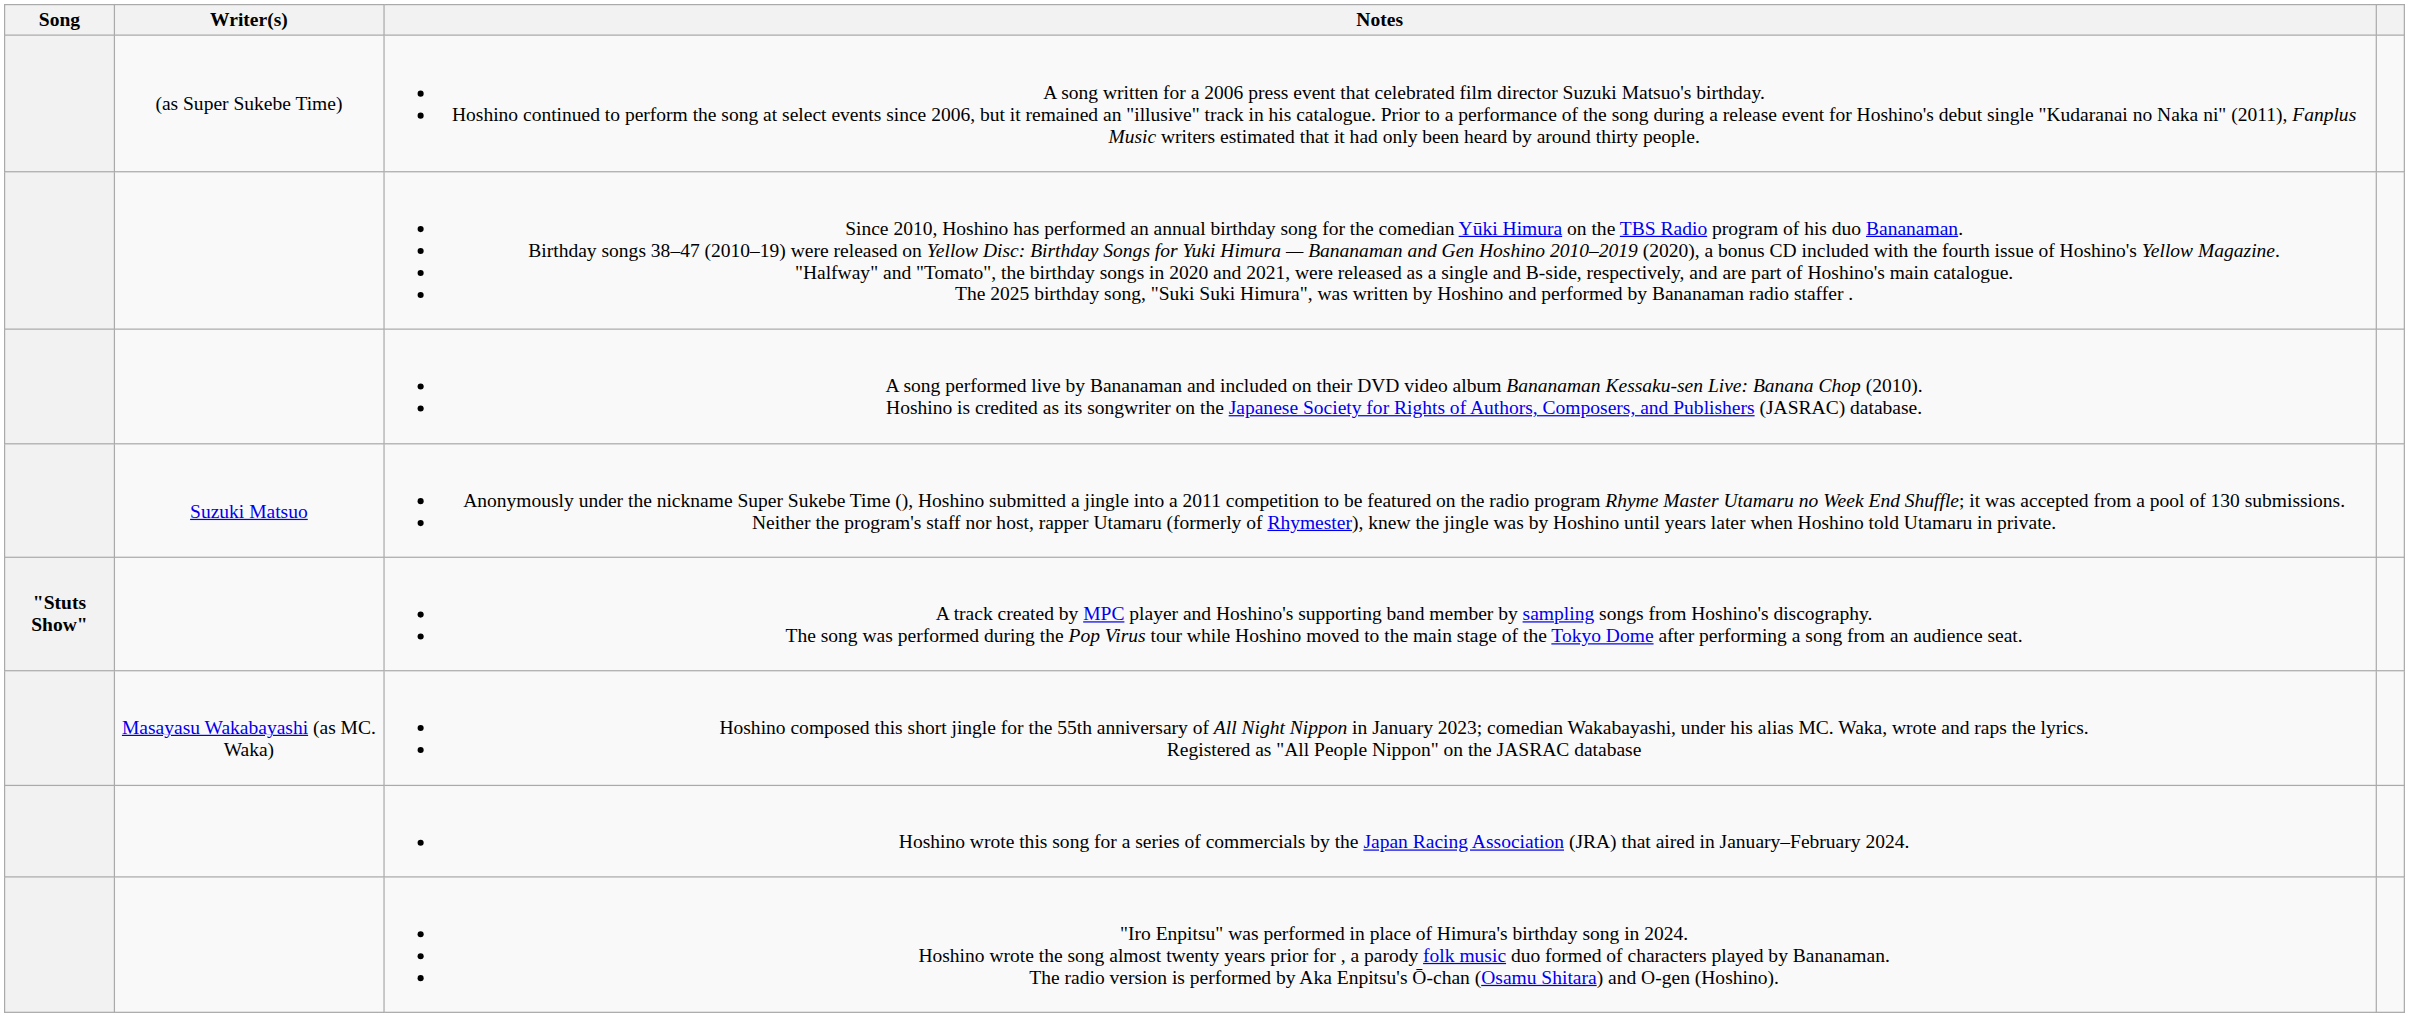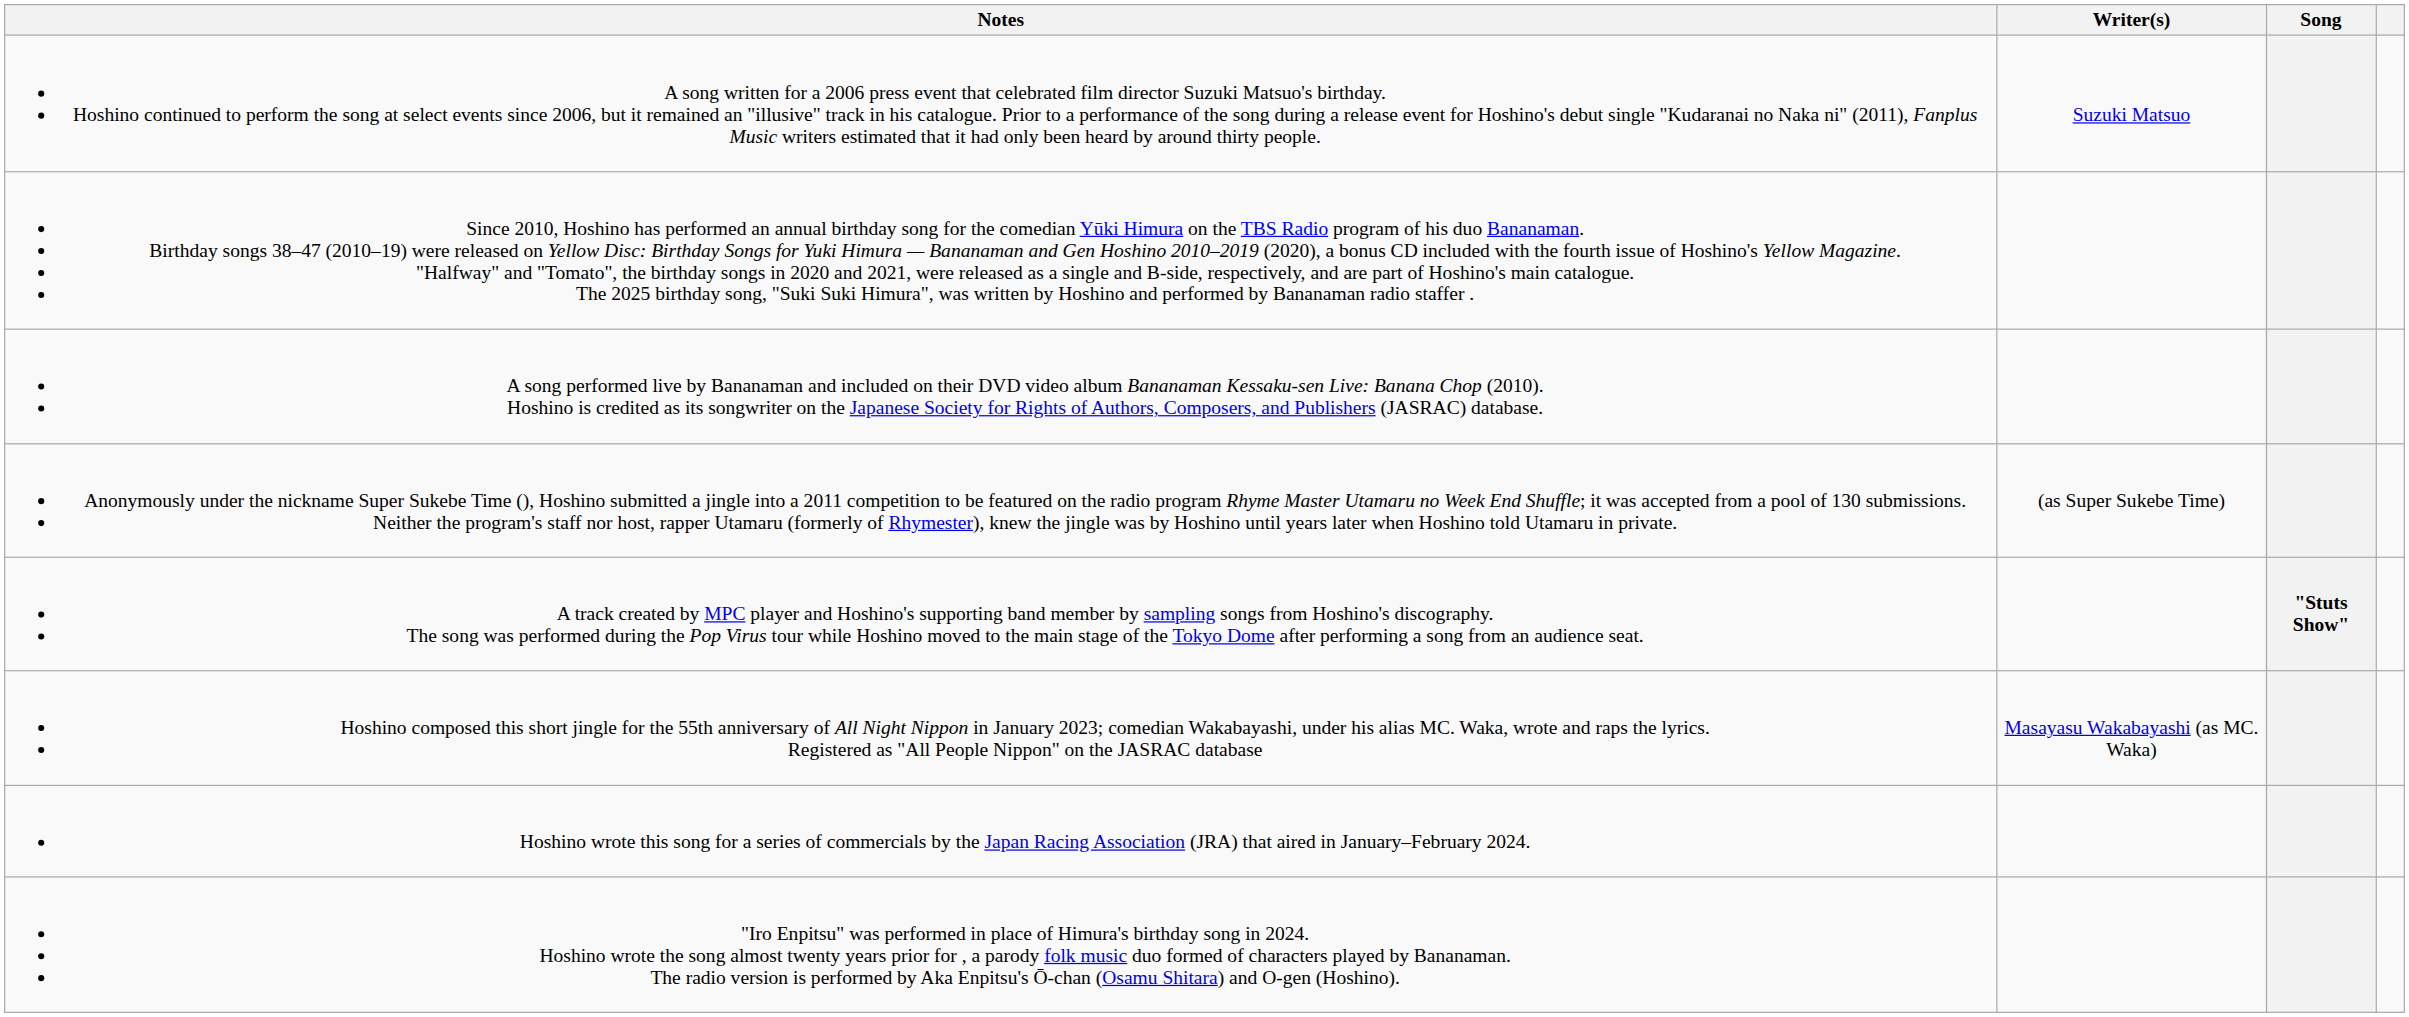 <table class="wikitable sortable plainrowheaders" style="text-align:center;" id="other">
 <tr>
+<th scope="col" class="unsortable">Notes</th>
+<th scope="col">Writer(s)</th>
 <th scope="col">Song</th>
-<th scope="col">Writer(s)</th>
-<th scope="col" class="unsortable">Notes</th>
 <th scope="col" style="width:1em;" class="unsortable"></th>
 </tr>
 <tr>
+<td><br><ul><li>A song written for a 2006 press event that celebrated film director Suzuki Matsuo's birthday.</li><li>Hoshino continued to perform the song at select events since 2006, but it remained an "illusive" track in his catalogue. Prior to a performance of the song during a release event for Hoshino's debut single "Kudaranai no Naka ni" (2011), <em>Fanplus Music</em> writers estimated that it had only been heard by around thirty people.</li></ul></td>
+<td><br><a href='#'>Suzuki Matsuo</a></td>
 <th scope="row"></th>
-<td> (as Super Sukebe Time)</td>
-<td><br><ul><li>A song written for a 2006 press event that celebrated film director Suzuki Matsuo's birthday.</li><li>Hoshino continued to perform the song at select events since 2006, but it remained an "illusive" track in his catalogue. Prior to a performance of the song during a release event for Hoshino's debut single "Kudaranai no Naka ni" (2011), <em>Fanplus Music</em> writers estimated that it had only been heard by around thirty people.</li></ul></td>
 <td></td>
 </tr>
 <tr>
+<td><br><ul><li>Since 2010, Hoshino has performed an annual birthday song for the comedian <a href='#'>Yūki Himura</a> on the <a href='#'>TBS Radio</a> program of his duo <a href='#'>Bananaman</a>.</li><li>Birthday songs 38–47 (2010–19) were released on <em>Yellow Disc: Birthday Songs for Yuki Himura — Bananaman and Gen Hoshino 2010–2019</em> (2020), a bonus CD included with the fourth issue of Hoshino's <em>Yellow Magazine</em>.</li><li>"Halfway" and "Tomato", the birthday songs in 2020 and 2021, were released as a single and B-side, respectively, and are part of Hoshino's main catalogue.</li><li>The 2025 birthday song, "Suki Suki Himura", was written by Hoshino and performed by Bananaman radio staffer .</li></ul></td>
+<td></td>
 <th scope="row"></th>
-<td></td>
-<td><br><ul><li>Since 2010, Hoshino has performed an annual birthday song for the comedian <a href='#'>Yūki Himura</a> on the <a href='#'>TBS Radio</a> program of his duo <a href='#'>Bananaman</a>.</li><li>Birthday songs 38–47 (2010–19) were released on <em>Yellow Disc: Birthday Songs for Yuki Himura — Bananaman and Gen Hoshino 2010–2019</em> (2020), a bonus CD included with the fourth issue of Hoshino's <em>Yellow Magazine</em>.</li><li>"Halfway" and "Tomato", the birthday songs in 2020 and 2021, were released as a single and B-side, respectively, and are part of Hoshino's main catalogue.</li><li>The 2025 birthday song, "Suki Suki Himura", was written by Hoshino and performed by Bananaman radio staffer .</li></ul></td>
 <td></td>
 </tr>
 <tr>
+<td><br><ul><li>A song performed live by Bananaman and included on their DVD video album <em>Bananaman Kessaku-sen Live: Banana Chop</em> (2010).</li><li>Hoshino is credited as its songwriter on the <a href='#'>Japanese Society for Rights of Authors, Composers, and Publishers</a> (JASRAC) database.</li></ul></td>
+<td></td>
 <th scope="row"></th>
-<td></td>
-<td><br><ul><li>A song performed live by Bananaman and included on their DVD video album <em>Bananaman Kessaku-sen Live: Banana Chop</em> (2010).</li><li>Hoshino is credited as its songwriter on the <a href='#'>Japanese Society for Rights of Authors, Composers, and Publishers</a> (JASRAC) database.</li></ul></td>
 <td></td>
 </tr>
 <tr>
+<td><br><ul><li>Anonymously under the nickname Super Sukebe Time (), Hoshino submitted a jingle into a 2011 competition to be featured on the radio program <em>Rhyme Master Utamaru no Week End Shuffle</em>; it was accepted from a pool of 130 submissions.</li><li>Neither the program's staff nor host, rapper Utamaru (formerly of <a href='#'>Rhymester</a>), knew the jingle was by Hoshino until years later when Hoshino told Utamaru in private.</li></ul></td>
+<td> (as Super Sukebe Time)</td>
 <th scope="row"></th>
-<td><br><a href='#'>Suzuki Matsuo</a></td>
-<td><br><ul><li>Anonymously under the nickname Super Sukebe Time (), Hoshino submitted a jingle into a 2011 competition to be featured on the radio program <em>Rhyme Master Utamaru no Week End Shuffle</em>; it was accepted from a pool of 130 submissions.</li><li>Neither the program's staff nor host, rapper Utamaru (formerly of <a href='#'>Rhymester</a>), knew the jingle was by Hoshino until years later when Hoshino told Utamaru in private.</li></ul></td>
 <td></td>
 </tr>
 <tr>
+<td><br><ul><li>A track created by <a href='#'>MPC</a> player and Hoshino's supporting band member  by <a href='#'>sampling</a> songs from Hoshino's discography.</li><li>The song was performed during the <em>Pop Virus</em> tour while Hoshino moved to the main stage of the <a href='#'>Tokyo Dome</a> after performing a song from an audience seat.</li></ul></td>
+<td><br></td>
 <th scope="row">"Stuts Show"</th>
-<td><br></td>
-<td><br><ul><li>A track created by <a href='#'>MPC</a> player and Hoshino's supporting band member  by <a href='#'>sampling</a> songs from Hoshino's discography.</li><li>The song was performed during the <em>Pop Virus</em> tour while Hoshino moved to the main stage of the <a href='#'>Tokyo Dome</a> after performing a song from an audience seat.</li></ul></td>
 <td></td>
 </tr>
 <tr>
+<td><br><ul><li>Hoshino composed this short jingle for the 55th anniversary of <em>All Night Nippon</em> in January 2023; comedian Wakabayashi, under his alias MC. Waka, wrote and raps the lyrics.</li><li>Registered as "All People Nippon" on the JASRAC database</li></ul></td>
+<td><br><a href='#'>Masayasu Wakabayashi</a> (as MC. Waka)</td>
 <th scope="row"></th>
-<td><br><a href='#'>Masayasu Wakabayashi</a> (as MC. Waka)</td>
-<td><br><ul><li>Hoshino composed this short jingle for the 55th anniversary of <em>All Night Nippon</em> in January 2023; comedian Wakabayashi, under his alias MC. Waka, wrote and raps the lyrics.</li><li>Registered as "All People Nippon" on the JASRAC database</li></ul></td>
 <td></td>
 </tr>
 <tr>
+<td><br><ul><li>Hoshino wrote this song for a series of commercials by the <a href='#'>Japan Racing Association</a> (JRA) that aired in January–February 2024.</li></ul></td>
+<td></td>
 <th scope="row"></th>
-<td></td>
-<td><br><ul><li>Hoshino wrote this song for a series of commercials by the <a href='#'>Japan Racing Association</a> (JRA) that aired in January–February 2024.</li></ul></td>
 <td></td>
 </tr>
 <tr>
+<td><br><ul><li>"Iro Enpitsu" was performed in place of Himura's birthday song in 2024.</li><li>Hoshino wrote the song almost twenty years prior for , a parody <a href='#'>folk music</a> duo formed of characters played by Bananaman.</li><li>The radio version is performed by Aka Enpitsu's Ō-chan (<a href='#'>Osamu Shitara</a>) and O-gen (Hoshino).</li></ul></td>
+<td></td>
 <th scope="row"></th>
-<td></td>
-<td><br><ul><li>"Iro Enpitsu" was performed in place of Himura's birthday song in 2024.</li><li>Hoshino wrote the song almost twenty years prior for , a parody <a href='#'>folk music</a> duo formed of characters played by Bananaman.</li><li>The radio version is performed by Aka Enpitsu's Ō-chan (<a href='#'>Osamu Shitara</a>) and O-gen (Hoshino).</li></ul></td>
 <td></td>
 </tr>
 </table>
